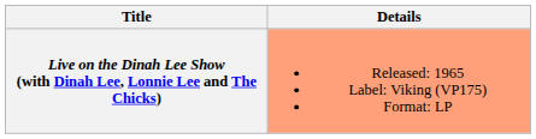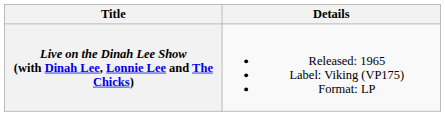 <table class="wikitable plainrowheaders" style="text-align:center;" border="1">
 <tr>
 <th scope="col" style="width:17em;">Title</th>
 <th scope="col" style="width:17em;">Details</th>
 </tr>
 <tr>
 <th scope="row"><em>Live on the Dinah Lee Show</em> <br> (with <a href='#'>Dinah Lee</a>, <a href='#'>Lonnie Lee</a> and <a href='#'>The Chicks</a>)</th>
-<td style="background: lightsalmon;"><br><ul><li>Released: 1965</li><li>Label: Viking	(VP175)</li><li>Format: LP</li></ul></td>
+<td><br><ul><li>Released: 1965</li><li>Label: Viking	(VP175)</li><li>Format: LP</li></ul></td>
 </tr>
 </table>
